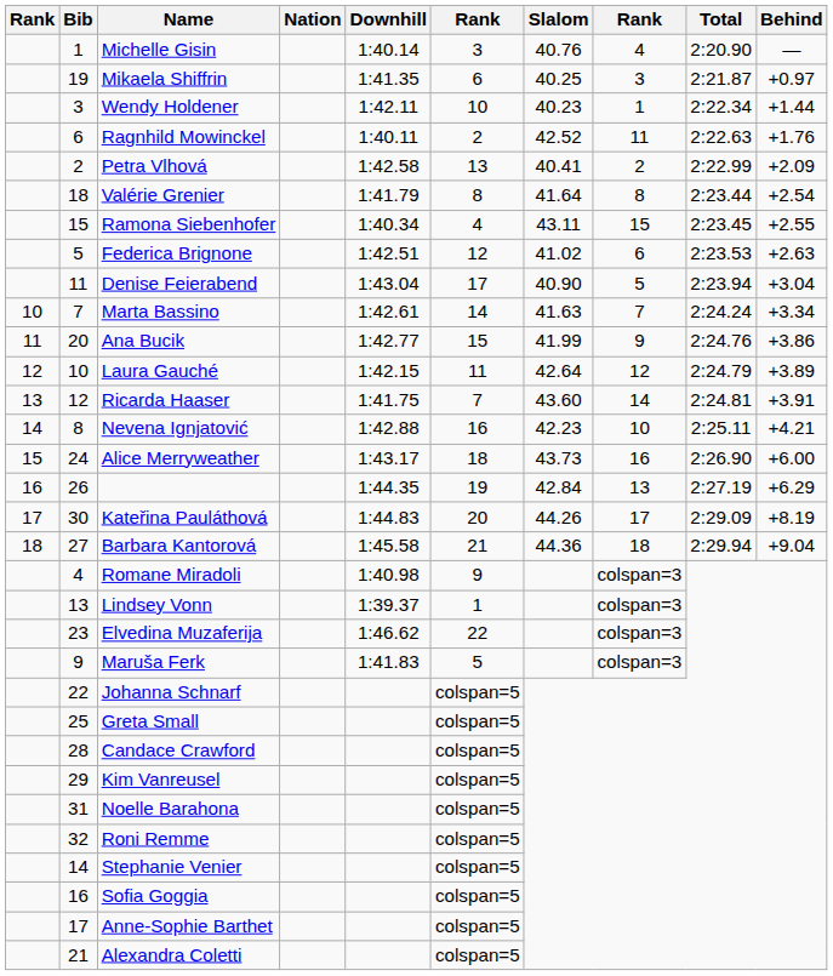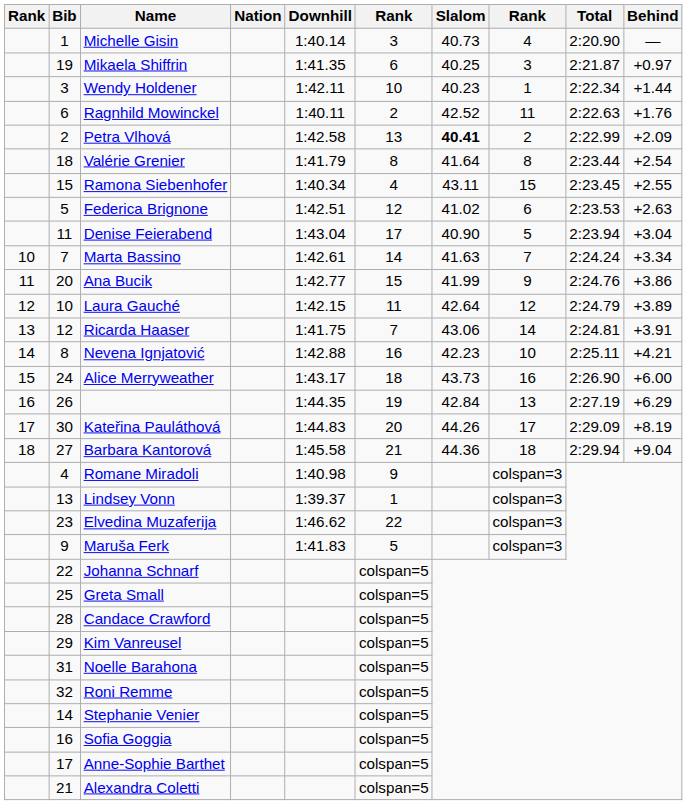 <table class="wikitable sortable" style="text-align:center">
 <tr>
 <th>Rank</th>
 <th>Bib</th>
 <th>Name</th>
 <th>Nation</th>
 <th>Downhill</th>
 <th>Rank</th>
 <th>Slalom</th>
 <th>Rank</th>
 <th>Total</th>
 <th>Behind</th>
 </tr>
 <tr>
 <td></td>
 <td>1</td>
 <td align="left"><a href='#'>Michelle Gisin</a></td>
 <td align="left"></td>
 <td>1:40.14</td>
 <td>3</td>
-<td>40.76</td>
+<td>40.73</td>
 <td>4</td>
 <td>2:20.90</td>
 <td>—</td>
 </tr>
 <tr>
 <td></td>
 <td>19</td>
 <td align="left"><a href='#'>Mikaela Shiffrin</a></td>
 <td align="left"></td>
 <td>1:41.35</td>
 <td>6</td>
 <td>40.25</td>
 <td>3</td>
 <td>2:21.87</td>
 <td>+0.97</td>
 </tr>
 <tr>
 <td></td>
 <td>3</td>
 <td align="left"><a href='#'>Wendy Holdener</a></td>
 <td align="left"></td>
 <td>1:42.11</td>
 <td>10</td>
 <td>40.23</td>
 <td>1</td>
 <td>2:22.34</td>
 <td>+1.44</td>
 </tr>
 <tr>
 <td></td>
 <td>6</td>
 <td align="left"><a href='#'>Ragnhild Mowinckel</a></td>
 <td align="left"></td>
 <td>1:40.11</td>
 <td>2</td>
 <td>42.52</td>
 <td>11</td>
 <td>2:22.63</td>
 <td>+1.76</td>
 </tr>
 <tr>
 <td></td>
 <td>2</td>
 <td align="left"><a href='#'>Petra Vlhová</a></td>
 <td align="left"></td>
 <td>1:42.58</td>
 <td>13</td>
-<td>40.41</td>
+<td><strong>40.41</strong></td>
 <td>2</td>
 <td>2:22.99</td>
 <td>+2.09</td>
 </tr>
 <tr>
 <td></td>
 <td>18</td>
 <td align="left"><a href='#'>Valérie Grenier</a></td>
 <td align="left"></td>
 <td>1:41.79</td>
 <td>8</td>
 <td>41.64</td>
 <td>8</td>
 <td>2:23.44</td>
 <td>+2.54</td>
 </tr>
 <tr>
 <td></td>
 <td>15</td>
 <td align="left"><a href='#'>Ramona Siebenhofer</a></td>
 <td align="left"></td>
 <td>1:40.34</td>
 <td>4</td>
 <td>43.11</td>
 <td>15</td>
 <td>2:23.45</td>
 <td>+2.55</td>
 </tr>
 <tr>
 <td></td>
 <td>5</td>
 <td align="left"><a href='#'>Federica Brignone</a></td>
 <td align="left"></td>
 <td>1:42.51</td>
 <td>12</td>
 <td>41.02</td>
 <td>6</td>
 <td>2:23.53</td>
 <td>+2.63</td>
 </tr>
 <tr>
 <td></td>
 <td>11</td>
 <td align="left"><a href='#'>Denise Feierabend</a></td>
 <td align="left"></td>
 <td>1:43.04</td>
 <td>17</td>
 <td>40.90</td>
 <td>5</td>
 <td>2:23.94</td>
 <td>+3.04</td>
 </tr>
 <tr>
 <td>10</td>
 <td>7</td>
 <td align="left"><a href='#'>Marta Bassino</a></td>
 <td align="left"></td>
 <td>1:42.61</td>
 <td>14</td>
 <td>41.63</td>
 <td>7</td>
 <td>2:24.24</td>
 <td>+3.34</td>
 </tr>
 <tr>
 <td>11</td>
 <td>20</td>
 <td align="left"><a href='#'>Ana Bucik</a></td>
 <td align="left"></td>
 <td>1:42.77</td>
 <td>15</td>
 <td>41.99</td>
 <td>9</td>
 <td>2:24.76</td>
 <td>+3.86</td>
 </tr>
 <tr>
 <td>12</td>
 <td>10</td>
 <td align="left"><a href='#'>Laura Gauché</a></td>
 <td align="left"></td>
 <td>1:42.15</td>
 <td>11</td>
 <td>42.64</td>
 <td>12</td>
 <td>2:24.79</td>
 <td>+3.89</td>
 </tr>
 <tr>
 <td>13</td>
 <td>12</td>
 <td align="left"><a href='#'>Ricarda Haaser</a></td>
 <td align="left"></td>
 <td>1:41.75</td>
 <td>7</td>
-<td>43.60</td>
+<td>43.06</td>
 <td>14</td>
 <td>2:24.81</td>
 <td>+3.91</td>
 </tr>
 <tr>
 <td>14</td>
 <td>8</td>
 <td align="left"><a href='#'>Nevena Ignjatović</a></td>
 <td align="left"></td>
 <td>1:42.88</td>
 <td>16</td>
 <td>42.23</td>
 <td>10</td>
 <td>2:25.11</td>
 <td>+4.21</td>
 </tr>
 <tr>
 <td>15</td>
 <td>24</td>
 <td align="left"><a href='#'>Alice Merryweather</a></td>
 <td align="left"></td>
 <td>1:43.17</td>
 <td>18</td>
 <td>43.73</td>
 <td>16</td>
 <td>2:26.90</td>
 <td>+6.00</td>
 </tr>
 <tr>
 <td>16</td>
 <td>26</td>
 <td align="left"></td>
 <td align="left"></td>
 <td>1:44.35</td>
 <td>19</td>
 <td>42.84</td>
 <td>13</td>
 <td>2:27.19</td>
 <td>+6.29</td>
 </tr>
 <tr>
 <td>17</td>
 <td>30</td>
 <td align="left"><a href='#'>Kateřina Pauláthová</a></td>
 <td align="left"></td>
 <td>1:44.83</td>
 <td>20</td>
 <td>44.26</td>
 <td>17</td>
 <td>2:29.09</td>
 <td>+8.19</td>
 </tr>
 <tr>
 <td>18</td>
 <td>27</td>
 <td align="left"><a href='#'>Barbara Kantorová</a></td>
 <td align="left"></td>
 <td>1:45.58</td>
 <td>21</td>
 <td>44.36</td>
 <td>18</td>
 <td>2:29.94</td>
 <td>+9.04</td>
 </tr>
 <tr>
 <td></td>
 <td>4</td>
 <td align="left"><a href='#'>Romane Miradoli</a></td>
 <td align="left"></td>
 <td>1:40.98</td>
 <td>9</td>
 <td></td>
 <td>colspan=3 </td>
 </tr>
 <tr>
 <td></td>
 <td>13</td>
 <td align="left"><a href='#'>Lindsey Vonn</a></td>
 <td align="left"></td>
 <td>1:39.37</td>
 <td>1</td>
 <td></td>
 <td>colspan=3 </td>
 </tr>
 <tr>
 <td></td>
 <td>23</td>
 <td align="left"><a href='#'>Elvedina Muzaferija</a></td>
 <td align="left"></td>
 <td>1:46.62</td>
 <td>22</td>
 <td></td>
 <td>colspan=3 </td>
 </tr>
 <tr>
 <td></td>
 <td>9</td>
 <td align="left"><a href='#'>Maruša Ferk</a></td>
 <td align="left"></td>
 <td>1:41.83</td>
 <td>5</td>
 <td></td>
 <td>colspan=3 </td>
 </tr>
 <tr>
 <td></td>
 <td>22</td>
 <td align="left"><a href='#'>Johanna Schnarf</a></td>
 <td align="left"></td>
 <td></td>
 <td>colspan=5 </td>
 </tr>
 <tr>
 <td></td>
 <td>25</td>
 <td align="left"><a href='#'>Greta Small</a></td>
 <td align="left"></td>
 <td></td>
 <td>colspan=5 </td>
 </tr>
 <tr>
 <td></td>
 <td>28</td>
 <td align="left"><a href='#'>Candace Crawford</a></td>
 <td align="left"></td>
 <td></td>
 <td>colspan=5 </td>
 </tr>
 <tr>
 <td></td>
 <td>29</td>
 <td align="left"><a href='#'>Kim Vanreusel</a></td>
 <td align="left"></td>
 <td></td>
 <td>colspan=5 </td>
 </tr>
 <tr>
 <td></td>
 <td>31</td>
 <td align="left"><a href='#'>Noelle Barahona</a></td>
 <td align="left"></td>
 <td></td>
 <td>colspan=5 </td>
 </tr>
 <tr>
 <td></td>
 <td>32</td>
 <td align="left"><a href='#'>Roni Remme</a></td>
 <td align="left"></td>
 <td></td>
 <td>colspan=5 </td>
 </tr>
 <tr>
 <td></td>
 <td>14</td>
 <td align="left"><a href='#'>Stephanie Venier</a></td>
 <td align="left"></td>
 <td></td>
 <td>colspan=5 </td>
 </tr>
 <tr>
 <td></td>
 <td>16</td>
 <td align="left"><a href='#'>Sofia Goggia</a></td>
 <td align="left"></td>
 <td></td>
 <td>colspan=5 </td>
 </tr>
 <tr>
 <td></td>
 <td>17</td>
 <td align="left"><a href='#'>Anne-Sophie Barthet</a></td>
 <td align="left"></td>
 <td></td>
 <td>colspan=5 </td>
 </tr>
 <tr>
 <td></td>
 <td>21</td>
 <td align="left"><a href='#'>Alexandra Coletti</a></td>
 <td align="left"></td>
 <td></td>
 <td>colspan=5 </td>
 </tr>
 </table>
